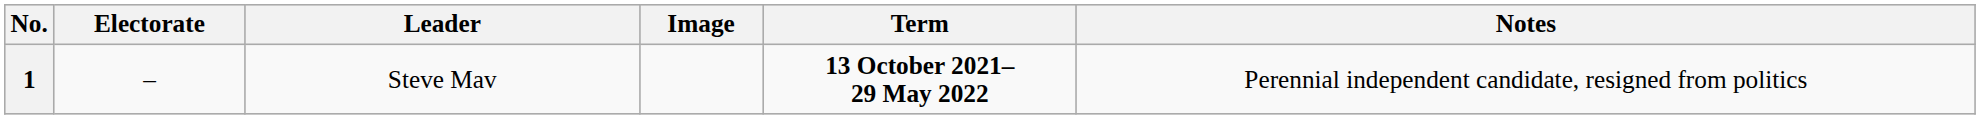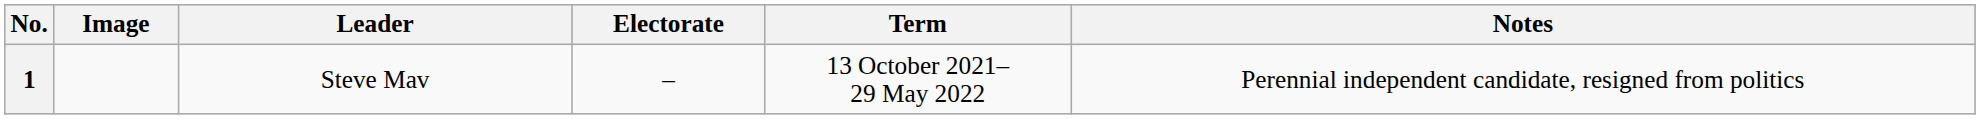 <table class="wikitable" style="text-align:center">
 <tr>
 <th width=2%>No.</th>
+<th>Image</th>
+<th style="width:20%;">Leader</th>
 <th>Electorate</th>
-<th style="width:20%;">Leader</th>
-<th>Image</th>
 <th>Term</th>
 <th>Notes</th>
 </tr>
 <tr>
 <th style="background:">1</th>
+<td></td>
+<td>Steve Mav</td>
 <td>–</td>
-<td>Steve Mav</td>
-<td></td>
-<td><strong>13 October 2021–<br>29 May 2022</strong></td>
+<td>13 October 2021–<br>29 May 2022</td>
 <td>Perennial independent candidate, resigned from politics</td>
 </tr>
 </table>
